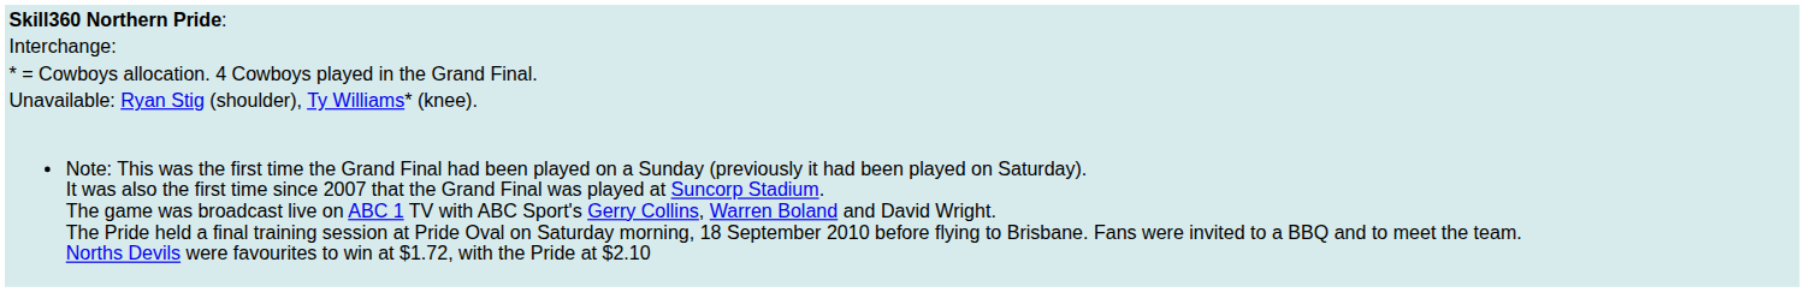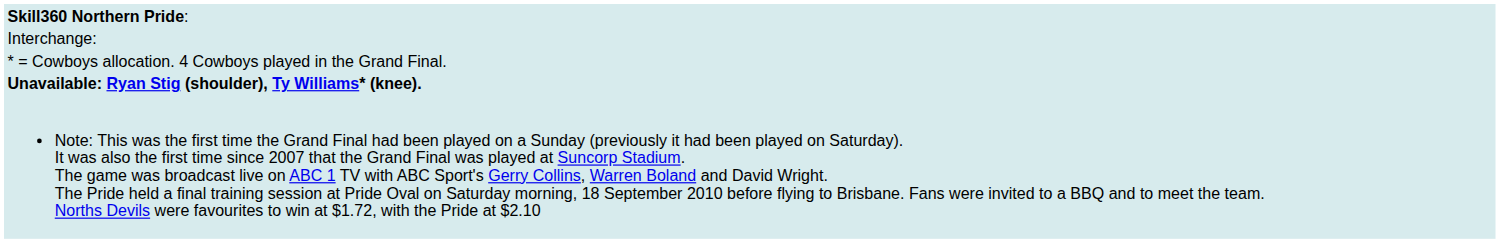 <table style="background:#d7ebed; font-size:85%; width:100%;">
 <tr>
 <td><strong>Skill360 Northern Pride</strong>:            </td>
 </tr>
 <tr>
 <td>Interchange:    </td>
 </tr>
 <tr>
 <td>* = Cowboys allocation. 4 Cowboys played in the Grand Final.</td>
 </tr>
 <tr>
-<td>Unavailable: <a href='#'>Ryan Stig</a> (shoulder), <a href='#'>Ty Williams</a>* (knee).</td>
+<td><strong>Unavailable: <a href='#'>Ryan Stig</a> (shoulder), <a href='#'>Ty Williams</a>* (knee).</strong></td>
 </tr>
 <tr>
 <td><br><ul><li>Note: This was the first time the Grand Final had been played on a Sunday (previously it had been played on Saturday).<br>It was also the first time since 2007 that the Grand Final was played at <a href='#'>Suncorp Stadium</a>.<br>The game was broadcast live on <a href='#'>ABC 1</a> TV with ABC Sport's <a href='#'>Gerry Collins</a>, <a href='#'>Warren Boland</a> and David Wright.<br>The Pride held a final training session at Pride Oval on Saturday morning, 18 September 2010 before flying to Brisbane. Fans were invited to a BBQ and to meet the team.<br><a href='#'>Norths Devils</a> were favourites to win at $1.72, with the Pride at $2.10</li></ul></td>
 </tr>
 </table>
